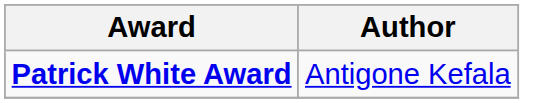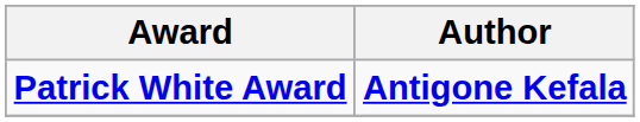 <table class="wikitable">
 <tr>
 <th>Award</th>
 <th>Author</th>
 </tr>
 <tr>
 <td><strong><a href='#'>Patrick White Award</a></strong></td>
-<td><a href='#'>Antigone Kefala</a></td>
+<td><strong><a href='#'>Antigone Kefala</a></strong></td>
 </tr>
 <tr>
 </tr>
 </table>
